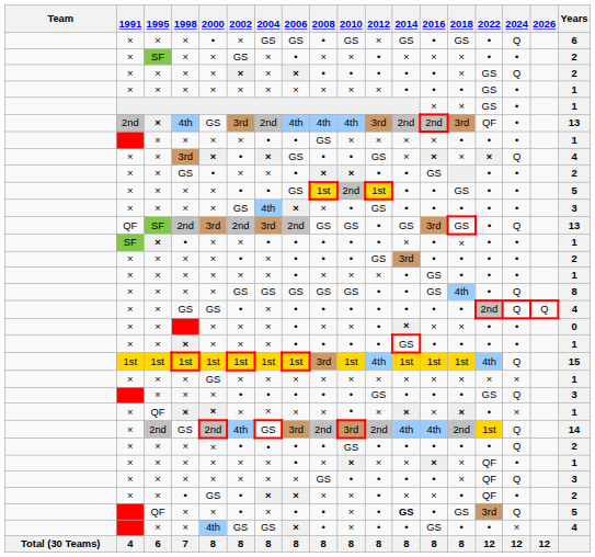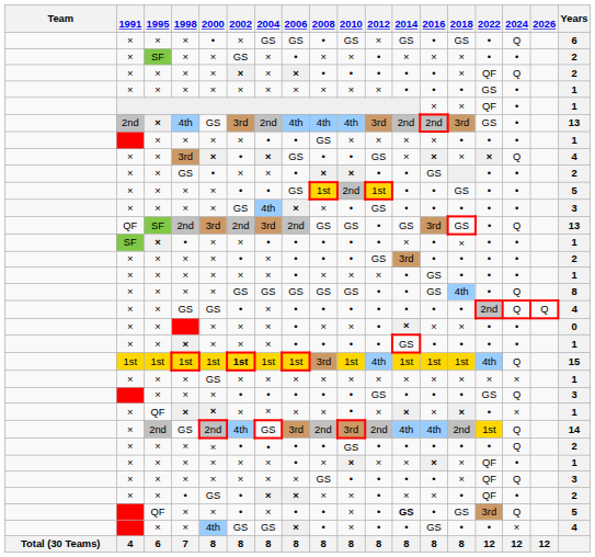 <table class="wikitable" style="text-align:center; font-size:90%">
 <tr>
 <th width=150>Team</th>
 <th><br><a href='#'>1991</a></th>
 <th><br><a href='#'>1995</a></th>
 <th><br><a href='#'>1998</a></th>
 <th><br><a href='#'>2000</a></th>
 <th><br><a href='#'>2002</a></th>
 <th><br><a href='#'>2004</a></th>
 <th><br><a href='#'>2006</a></th>
 <th><br><a href='#'>2008</a></th>
 <th><br><a href='#'>2010</a></th>
 <th><br><a href='#'>2012</a></th>
 <th><br><a href='#'>2014</a></th>
 <th><br><a href='#'>2016</a></th>
 <th><br><a href='#'>2018</a></th>
 <th><br><a href='#'>2022</a></th>
 <th><br><a href='#'>2024</a></th>
 <th><br><a href='#'>2026</a></th>
 <th>Years</th>
 </tr>
 <tr>
 <td align=left></td>
 <td>×</td>
 <td>×</td>
 <td>×</td>
 <td>•</td>
 <td>×</td>
 <td>GS</td>
 <td>GS</td>
 <td>•</td>
 <td>GS</td>
 <td>×</td>
 <td>GS</td>
 <td>•</td>
 <td>GS</td>
 <td>•</td>
 <td>Q</td>
 <td></td>
 <th>6</th>
 </tr>
 <tr>
 <td align=left></td>
 <td>×</td>
 <td style="background:#81c846">SF</td>
 <td>×</td>
 <td>×</td>
 <td>GS</td>
 <td>×</td>
 <td>•</td>
 <td>×</td>
 <td>×</td>
 <td>•</td>
 <td>×</td>
 <td>×</td>
 <td>×</td>
 <td>•</td>
 <td>•</td>
 <td></td>
 <th>2</th>
 </tr>
 <tr>
 <td align=left></td>
 <td>×</td>
 <td>×</td>
 <td>×</td>
 <td>×</td>
 <td bgcolor="#efefef"><strong>×</strong></td>
 <td>×</td>
 <td bgcolor="#efefef"><strong>×</strong></td>
 <td>•</td>
 <td>•</td>
 <td>•</td>
 <td>•</td>
 <td>•</td>
 <td>×</td>
-<td>GS</td>
+<td>QF</td>
 <td>Q</td>
 <td></td>
 <th>2</th>
 </tr>
 <tr>
 <td align=left></td>
 <td>×</td>
 <td>×</td>
 <td>×</td>
 <td>×</td>
 <td>×</td>
 <td>×</td>
 <td>×</td>
 <td>×</td>
 <td>×</td>
 <td>×</td>
 <td>•</td>
 <td>•</td>
 <td>•</td>
 <td>GS</td>
 <td>•</td>
 <td></td>
 <th>1</th>
 </tr>
 <tr>
 <td align=left></td>
 <td bgcolor="#efefef" colspan=11></td>
 <td>×</td>
 <td>×</td>
-<td>GS</td>
+<td>QF</td>
 <td>•</td>
 <td></td>
 <th>1</th>
 </tr>
 <tr>
 <td align=left></td>
 <td bgcolor=Silver>2nd</td>
 <td bgcolor="#efefef"><strong>×</strong></td>
 <td bgcolor=#9acdff>4th</td>
 <td>GS</td>
 <td bgcolor=#cc9966>3rd</td>
 <td bgcolor=Silver>2nd</td>
 <td bgcolor=#9acdff>4th</td>
 <td bgcolor=#9acdff>4th</td>
 <td bgcolor=#9acdff>4th</td>
 <td bgcolor=#cc9966>3rd</td>
 <td bgcolor=Silver>2nd</td>
 <td style="border: 3px solid red" bgcolor=Silver>2nd</td>
 <td bgcolor=#cc9966>3rd</td>
-<td>QF</td>
+<td>GS</td>
 <td>•</td>
 <td></td>
 <th>13</th>
 </tr>
 <tr>
 <td align=left></td>
 <td bgcolor="red"></td>
 <td>×</td>
 <td>×</td>
 <td>×</td>
 <td>×</td>
 <td>•</td>
 <td>•</td>
 <td>GS</td>
 <td>×</td>
 <td>×</td>
 <td>×</td>
 <td>×</td>
 <td>•</td>
 <td>•</td>
 <td>•</td>
 <td></td>
 <th>1</th>
 </tr>
 <tr>
 <td align=left></td>
 <td>×</td>
 <td>×</td>
 <td bgcolor=#cc9966>3rd</td>
 <td bgcolor="#efefef"><strong>×</strong></td>
 <td>•</td>
 <td bgcolor="#efefef"><strong>×</strong></td>
 <td>GS</td>
 <td>•</td>
 <td>•</td>
 <td>GS</td>
 <td>×</td>
 <td bgcolor="#efefef"><strong>×</strong></td>
 <td>×</td>
 <td bgcolor="#efefef"><strong>×</strong></td>
 <td>Q</td>
 <td></td>
 <th>4</th>
 </tr>
 <tr>
 <td align=left></td>
 <td>×</td>
 <td>×</td>
 <td>GS</td>
 <td>•</td>
 <td>×</td>
 <td>×</td>
 <td>•</td>
 <td bgcolor="#efefef"><strong>×</strong></td>
 <td bgcolor="#efefef"><strong>×</strong></td>
 <td>•</td>
 <td>•</td>
 <td>GS</td>
 <td bgcolor="#efefef"></td>
 <td>•</td>
 <td>•</td>
 <td></td>
 <th>2</th>
 </tr>
 <tr>
 <td align=left></td>
 <td>×</td>
 <td>×</td>
 <td>×</td>
 <td>×</td>
 <td>•</td>
 <td>•</td>
 <td>GS</td>
 <td style="border: 3px solid red" bgcolor=Gold>1st</td>
 <td bgcolor=Silver>2nd</td>
 <td style="border: 3px solid red" bgcolor=Gold>1st</td>
 <td>•</td>
 <td>•</td>
 <td>GS</td>
 <td>•</td>
 <td>•</td>
 <td></td>
 <th>5</th>
 </tr>
 <tr>
 <td align=left></td>
 <td>×</td>
 <td>×</td>
 <td>×</td>
 <td>×</td>
 <td>GS</td>
 <td bgcolor=#9acdff>4th</td>
 <td bgcolor="#efefef"><strong>×</strong></td>
 <td>×</td>
 <td>•</td>
 <td>GS</td>
 <td>•</td>
 <td>•</td>
 <td>•</td>
 <td>•</td>
 <td>•</td>
 <td></td>
 <th>3</th>
 </tr>
 <tr>
 <td align=left></td>
 <td>QF</td>
 <td style="background:#81c846">SF</td>
 <td bgcolor=Silver>2nd</td>
 <td bgcolor=#cc9966>3rd</td>
 <td bgcolor=Silver>2nd</td>
 <td bgcolor=#cc9966>3rd</td>
 <td bgcolor=Silver>2nd</td>
 <td>GS</td>
 <td>GS</td>
 <td>•</td>
 <td>GS</td>
 <td bgcolor=#cc9966>3rd</td>
 <td style="border: 3px solid red">GS</td>
 <td>•</td>
 <td>Q</td>
 <td></td>
 <th>13</th>
 </tr>
 <tr>
 <td align=left></td>
 <td style="background:#81c846">SF</td>
 <td bgcolor="#efefef"><strong>×</strong></td>
 <td>•</td>
 <td>×</td>
 <td>×</td>
 <td>•</td>
 <td>•</td>
 <td>•</td>
 <td>•</td>
 <td>•</td>
 <td>×</td>
 <td>•</td>
 <td>×</td>
 <td>•</td>
 <td>•</td>
 <td></td>
 <th>1</th>
 </tr>
 <tr>
 <td align=left></td>
 <td>×</td>
 <td>×</td>
 <td>×</td>
 <td>×</td>
 <td>•</td>
 <td>×</td>
 <td>•</td>
 <td>•</td>
 <td>•</td>
 <td>GS</td>
 <td bgcolor=#cc9966>3rd</td>
 <td>•</td>
 <td>•</td>
 <td>•</td>
 <td>•</td>
 <td></td>
 <th>2</th>
 </tr>
 <tr>
 <td align=left></td>
 <td>×</td>
 <td>×</td>
 <td>×</td>
 <td>×</td>
 <td>×</td>
 <td>×</td>
 <td>•</td>
 <td>×</td>
 <td>×</td>
 <td>×</td>
 <td>•</td>
 <td>GS</td>
 <td>•</td>
 <td>•</td>
 <td>•</td>
 <td></td>
 <th>1</th>
 </tr>
 <tr>
 <td align=left></td>
 <td>×</td>
 <td>×</td>
 <td>×</td>
 <td>×</td>
 <td>GS</td>
 <td>GS</td>
 <td>GS</td>
 <td>GS</td>
 <td>GS</td>
 <td>•</td>
 <td>•</td>
 <td>GS</td>
 <td bgcolor=#9acdff>4th</td>
 <td>•</td>
 <td>Q</td>
 <td></td>
 <th>8</th>
 </tr>
 <tr>
 <td align=left></td>
 <td>×</td>
 <td>×</td>
 <td>GS</td>
 <td>GS</td>
 <td>•</td>
 <td>×</td>
 <td>•</td>
 <td>•</td>
 <td>•</td>
 <td>•</td>
 <td>•</td>
 <td>•</td>
 <td>•</td>
 <td style="border: 3px solid red" bgcolor=Silver>2nd</td>
 <td style="border: 3px solid red">Q</td>
 <td style="border: 3px solid red">Q</td>
 <th>4</th>
 </tr>
 <tr>
 <td align=left></td>
 <td>×</td>
 <td>×</td>
 <td bgcolor="red"></td>
 <td>×</td>
 <td>×</td>
 <td>×</td>
 <td>•</td>
 <td>×</td>
 <td>×</td>
 <td>•</td>
 <td bgcolor="#efefef"><strong>×</strong></td>
 <td>×</td>
 <td>×</td>
 <td>•</td>
 <td>•</td>
 <td></td>
 <th>0</th>
 </tr>
 <tr>
 <td align=left></td>
 <td>×</td>
 <td>×</td>
 <td bgcolor="#efefef"><strong>×</strong></td>
 <td>×</td>
 <td>×</td>
 <td>×</td>
 <td>•</td>
 <td>•</td>
 <td>•</td>
 <td>•</td>
 <td style="border: 3px solid red">GS</td>
 <td>•</td>
 <td>•</td>
 <td>•</td>
 <td>•</td>
 <td></td>
 <th>1</th>
 </tr>
 <tr>
 <td align=left></td>
 <td bgcolor=Gold>1st</td>
 <td bgcolor=Gold>1st</td>
 <td style="border: 3px solid red" bgcolor=Gold>1st</td>
 <td bgcolor=Gold>1st</td>
-<td style="border: 3px solid red" bgcolor=Gold>1st</td>
+<td style="border: 3px solid red" bgcolor=Gold><strong>1st</strong></td>
 <td bgcolor=Gold>1st</td>
 <td style="border: 3px solid red" bgcolor=Gold>1st</td>
 <td bgcolor=#cc9966>3rd</td>
 <td bgcolor=Gold>1st</td>
 <td bgcolor=#9acdff>4th</td>
 <td bgcolor=Gold>1st</td>
 <td bgcolor=Gold>1st</td>
 <td bgcolor=Gold>1st</td>
 <td bgcolor=#9acdff>4th</td>
 <td>Q</td>
 <td></td>
 <th>15</th>
 </tr>
 <tr>
 <td align=left></td>
 <td>×</td>
 <td>×</td>
 <td>×</td>
 <td>GS</td>
 <td>×</td>
 <td>×</td>
 <td>×</td>
 <td>×</td>
 <td>×</td>
 <td>×</td>
 <td>×</td>
 <td>×</td>
 <td>×</td>
 <td>×</td>
 <td>×</td>
 <td></td>
 <th>1</th>
 </tr>
 <tr>
 <td align=left></td>
 <td bgcolor="red"></td>
 <td>×</td>
 <td>×</td>
 <td>×</td>
 <td>•</td>
 <td>•</td>
 <td>•</td>
 <td>•</td>
 <td>•</td>
 <td>GS</td>
 <td>•</td>
 <td>•</td>
 <td>•</td>
 <td>GS</td>
 <td>Q</td>
 <td></td>
 <th>3</th>
 </tr>
 <tr>
 <td align=left></td>
 <td>×</td>
 <td>QF</td>
 <td bgcolor="#efefef"><strong>×</strong></td>
 <td bgcolor="#efefef"><strong>×</strong></td>
 <td>×</td>
 <td>×</td>
 <td>×</td>
 <td>×</td>
 <td>•</td>
 <td>×</td>
 <td bgcolor="#efefef"><strong>×</strong></td>
 <td>×</td>
 <td bgcolor="#efefef"><strong>×</strong></td>
 <td>•</td>
 <td>×</td>
 <td></td>
 <th>1</th>
 </tr>
 <tr>
 <td align=left></td>
 <td>×</td>
 <td bgcolor=Silver>2nd</td>
 <td>GS</td>
 <td style="border: 3px solid red" bgcolor=Silver>2nd</td>
 <td bgcolor=#9acdff>4th</td>
 <td style="border: 3px solid red">GS</td>
 <td bgcolor=#cc9966>3rd</td>
 <td bgcolor=Silver>2nd</td>
 <td style="border: 3px solid red" bgcolor=#cc9966>3rd</td>
 <td bgcolor=Silver>2nd</td>
 <td bgcolor=#9acdff>4th</td>
 <td bgcolor=#9acdff>4th</td>
 <td bgcolor=Silver>2nd</td>
 <td bgcolor=Gold>1st</td>
 <td>Q</td>
 <td></td>
 <th>14</th>
 </tr>
 <tr>
 <td align=left></td>
 <td>×</td>
 <td>×</td>
 <td>×</td>
 <td>×</td>
 <td>•</td>
 <td>•</td>
 <td>•</td>
 <td>•</td>
 <td>GS</td>
 <td>•</td>
 <td>•</td>
 <td>•</td>
 <td>•</td>
 <td>•</td>
 <td>Q</td>
 <td></td>
 <th>2</th>
 </tr>
 <tr>
 <td align=left></td>
 <td>×</td>
 <td>×</td>
 <td>×</td>
 <td>×</td>
 <td>×</td>
 <td>×</td>
 <td>•</td>
 <td>×</td>
 <td bgcolor="#efefef"><strong>×</strong></td>
 <td>×</td>
 <td>×</td>
 <td bgcolor="#efefef"><strong>×</strong></td>
 <td>×</td>
 <td>QF</td>
 <td>•</td>
 <td></td>
 <th>1</th>
 </tr>
 <tr>
 <td align=left></td>
 <td>×</td>
 <td>×</td>
 <td>×</td>
 <td>×</td>
 <td>×</td>
 <td>×</td>
 <td>×</td>
 <td>GS</td>
 <td>•</td>
 <td>•</td>
 <td>•</td>
 <td>•</td>
 <td>×</td>
 <td>QF</td>
 <td>Q</td>
 <td></td>
 <th>3</th>
 </tr>
 <tr>
 <td align=left></td>
 <td>×</td>
 <td>×</td>
 <td>•</td>
 <td>GS</td>
 <td>•</td>
 <td bgcolor="#efefef"><strong>×</strong></td>
 <td bgcolor="#efefef"><strong>×</strong></td>
 <td>×</td>
 <td>×</td>
 <td>•</td>
 <td>×</td>
 <td>×</td>
 <td>•</td>
 <td>QF</td>
 <td>•</td>
 <td></td>
 <th>2</th>
 </tr>
 <tr>
 <td align=left></td>
 <td bgcolor="red"></td>
 <td>QF</td>
 <td>×</td>
 <td>×</td>
 <td>•</td>
 <td>×</td>
 <td>•</td>
 <td>•</td>
 <td>×</td>
 <td>•</td>
 <td><strong>GS</strong></td>
 <td>•</td>
 <td>GS</td>
 <td bgcolor=#cc9966>3rd</td>
 <td>Q</td>
 <td></td>
 <th>5</th>
 </tr>
 <tr>
 <td align=left></td>
 <td bgcolor="red"></td>
 <td>×</td>
 <td>×</td>
 <td bgcolor=#9acdff>4th</td>
 <td>GS</td>
 <td>GS</td>
 <td bgcolor="#efefef"><strong>×</strong></td>
 <td>•</td>
 <td>×</td>
 <td>•</td>
 <td>•</td>
 <td>GS</td>
 <td>•</td>
 <td>•</td>
 <td>×</td>
 <td></td>
 <th>4</th>
 </tr>
 <tr>
 <th>Total (30 Teams)</th>
 <th>4</th>
 <th>6</th>
 <th>7</th>
 <th>8</th>
 <th>8</th>
 <th>8</th>
 <th>8</th>
 <th>8</th>
 <th>8</th>
 <th>8</th>
 <th>8</th>
 <th>8</th>
 <th>8</th>
 <th>12</th>
 <th>12</th>
 <th>12</th>
 <th></th>
 </tr>
 </table>
